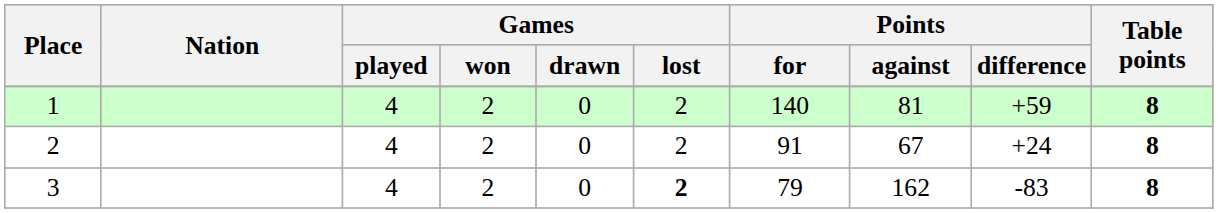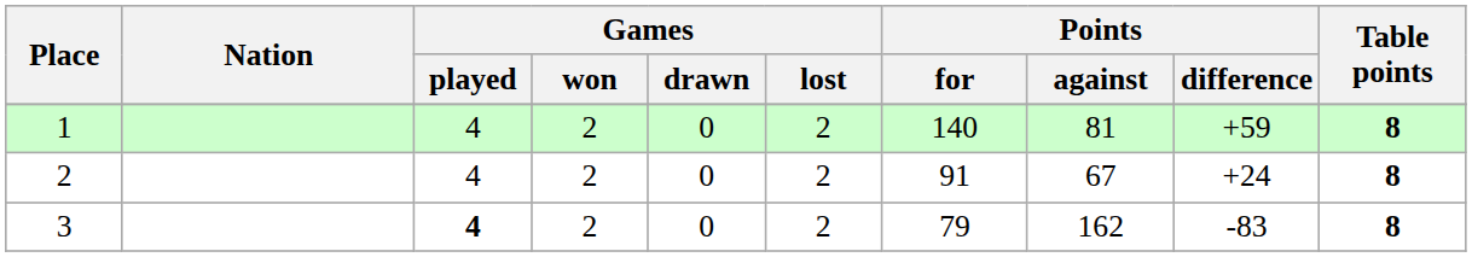 <table class="wikitable">
 <tr>
 <th rowspan=2 width="8%">Place</th>
 <th rowspan=2 width="20%">Nation</th>
 <th colspan=4 width="32%">Games</th>
 <th colspan=3 width="30%">Points</th>
 <th rowspan=2 width="10%">Table<br>points</th>
 </tr>
 <tr>
 <th width="8%">played</th>
 <th width="8%">won</th>
 <th width="8%">drawn</th>
 <th width="8%">lost</th>
 <th width="10%">for</th>
 <th width="10%">against</th>
 <th width="10%">difference</th>
 </tr>
 <tr>
 </tr>
 <tr bgcolor=#ccffcc align=center>
 <td>1</td>
 <td align=left></td>
 <td>4</td>
 <td>2</td>
 <td>0</td>
 <td>2</td>
 <td>140</td>
 <td>81</td>
 <td>+59</td>
 <td><strong>8</strong></td>
 </tr>
 <tr bgcolor=#ffffff align=center>
 <td>2</td>
 <td align=left></td>
 <td>4</td>
 <td>2</td>
 <td>0</td>
 <td>2</td>
 <td>91</td>
 <td>67</td>
 <td>+24</td>
 <td><strong>8</strong></td>
 </tr>
 <tr bgcolor=#ffffff align=center>
 <td>3</td>
 <td align=left></td>
-<td>4</td>
+<td><strong>4</strong></td>
 <td>2</td>
 <td>0</td>
-<td><strong>2</strong></td>
+<td>2</td>
 <td>79</td>
 <td>162</td>
 <td>-83</td>
 <td><strong>8</strong></td>
 </tr>
 </table>
